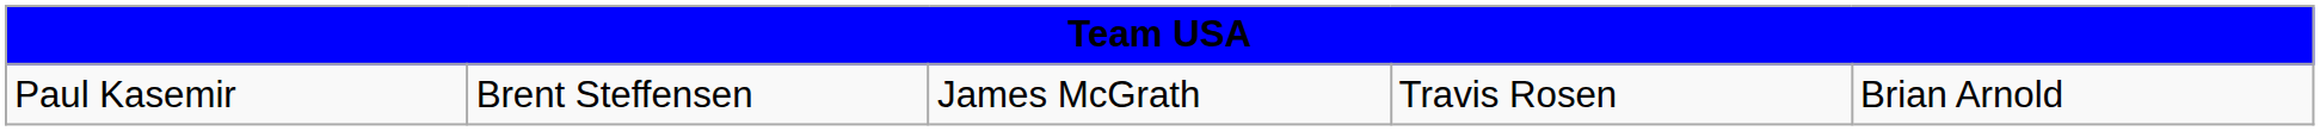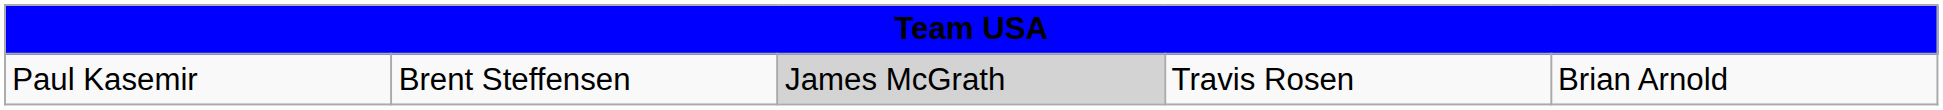 <table class="wikitable" style="width:50%; text-align=center;">
 <tr>
 <th colspan="5" style="background:blue;">Team USA</th>
 </tr>
 <tr>
 <td style="width:10%;">Paul Kasemir</td>
 <td style="width:10%;">Brent Steffensen</td>
-<td style="width:10%;">James McGrath</td>
+<td style="background: lightgrey; width:10%;">James McGrath</td>
 <td style="width:10%;">Travis Rosen</td>
 <td style="width:10%;">Brian Arnold</td>
 </tr>
 </table>
